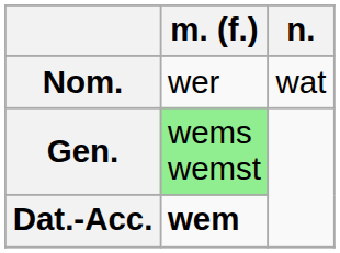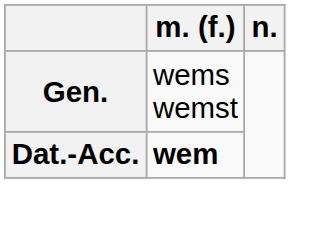 <table class="wikitable">
 <tr>
 <th></th>
 <th>m. (f.)</th>
 <th>n.</th>
 </tr>
 <tr>
-<th>Nom.</th>
-<td>wer</td>
-<td>wat</td>
-</tr>
-<tr>
 <th>Gen.</th>
-<td style="background: lightgreen;">wems<br> wemst</td>
+<td>wems<br> wemst</td>
 </tr>
 <tr>
 <th>Dat.-Acc.</th>
 <td><strong>wem</strong></td>
 </tr>
 </table>
